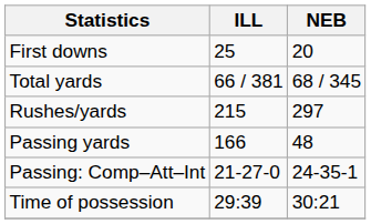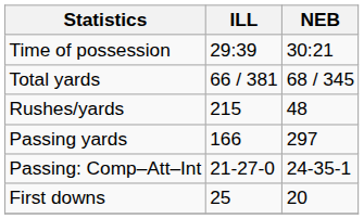 <table class="wikitable" style="float: left;">
 <tr>
 <th>Statistics</th>
 <th>ILL</th>
 <th>NEB</th>
 </tr>
 <tr>
-<td>First downs</td>
-<td>25</td>
-<td>20</td>
+<td>Time of possession</td>
+<td>29:39</td>
+<td>30:21</td>
 </tr>
 <tr>
 <td>Total yards</td>
 <td>66 / 381</td>
 <td>68 / 345</td>
 </tr>
 <tr>
 <td>Rushes/yards</td>
 <td>215</td>
-<td>297</td>
+<td>48</td>
 </tr>
 <tr>
 <td>Passing yards</td>
 <td>166</td>
-<td>48</td>
+<td>297</td>
 </tr>
 <tr>
 <td>Passing: Comp–Att–Int</td>
 <td>21-27-0</td>
 <td>24-35-1</td>
 </tr>
 <tr>
-<td>Time of possession</td>
-<td>29:39</td>
-<td>30:21</td>
+<td>First downs</td>
+<td>25</td>
+<td>20</td>
 </tr>
 <tr>
 </tr>
 </table>
